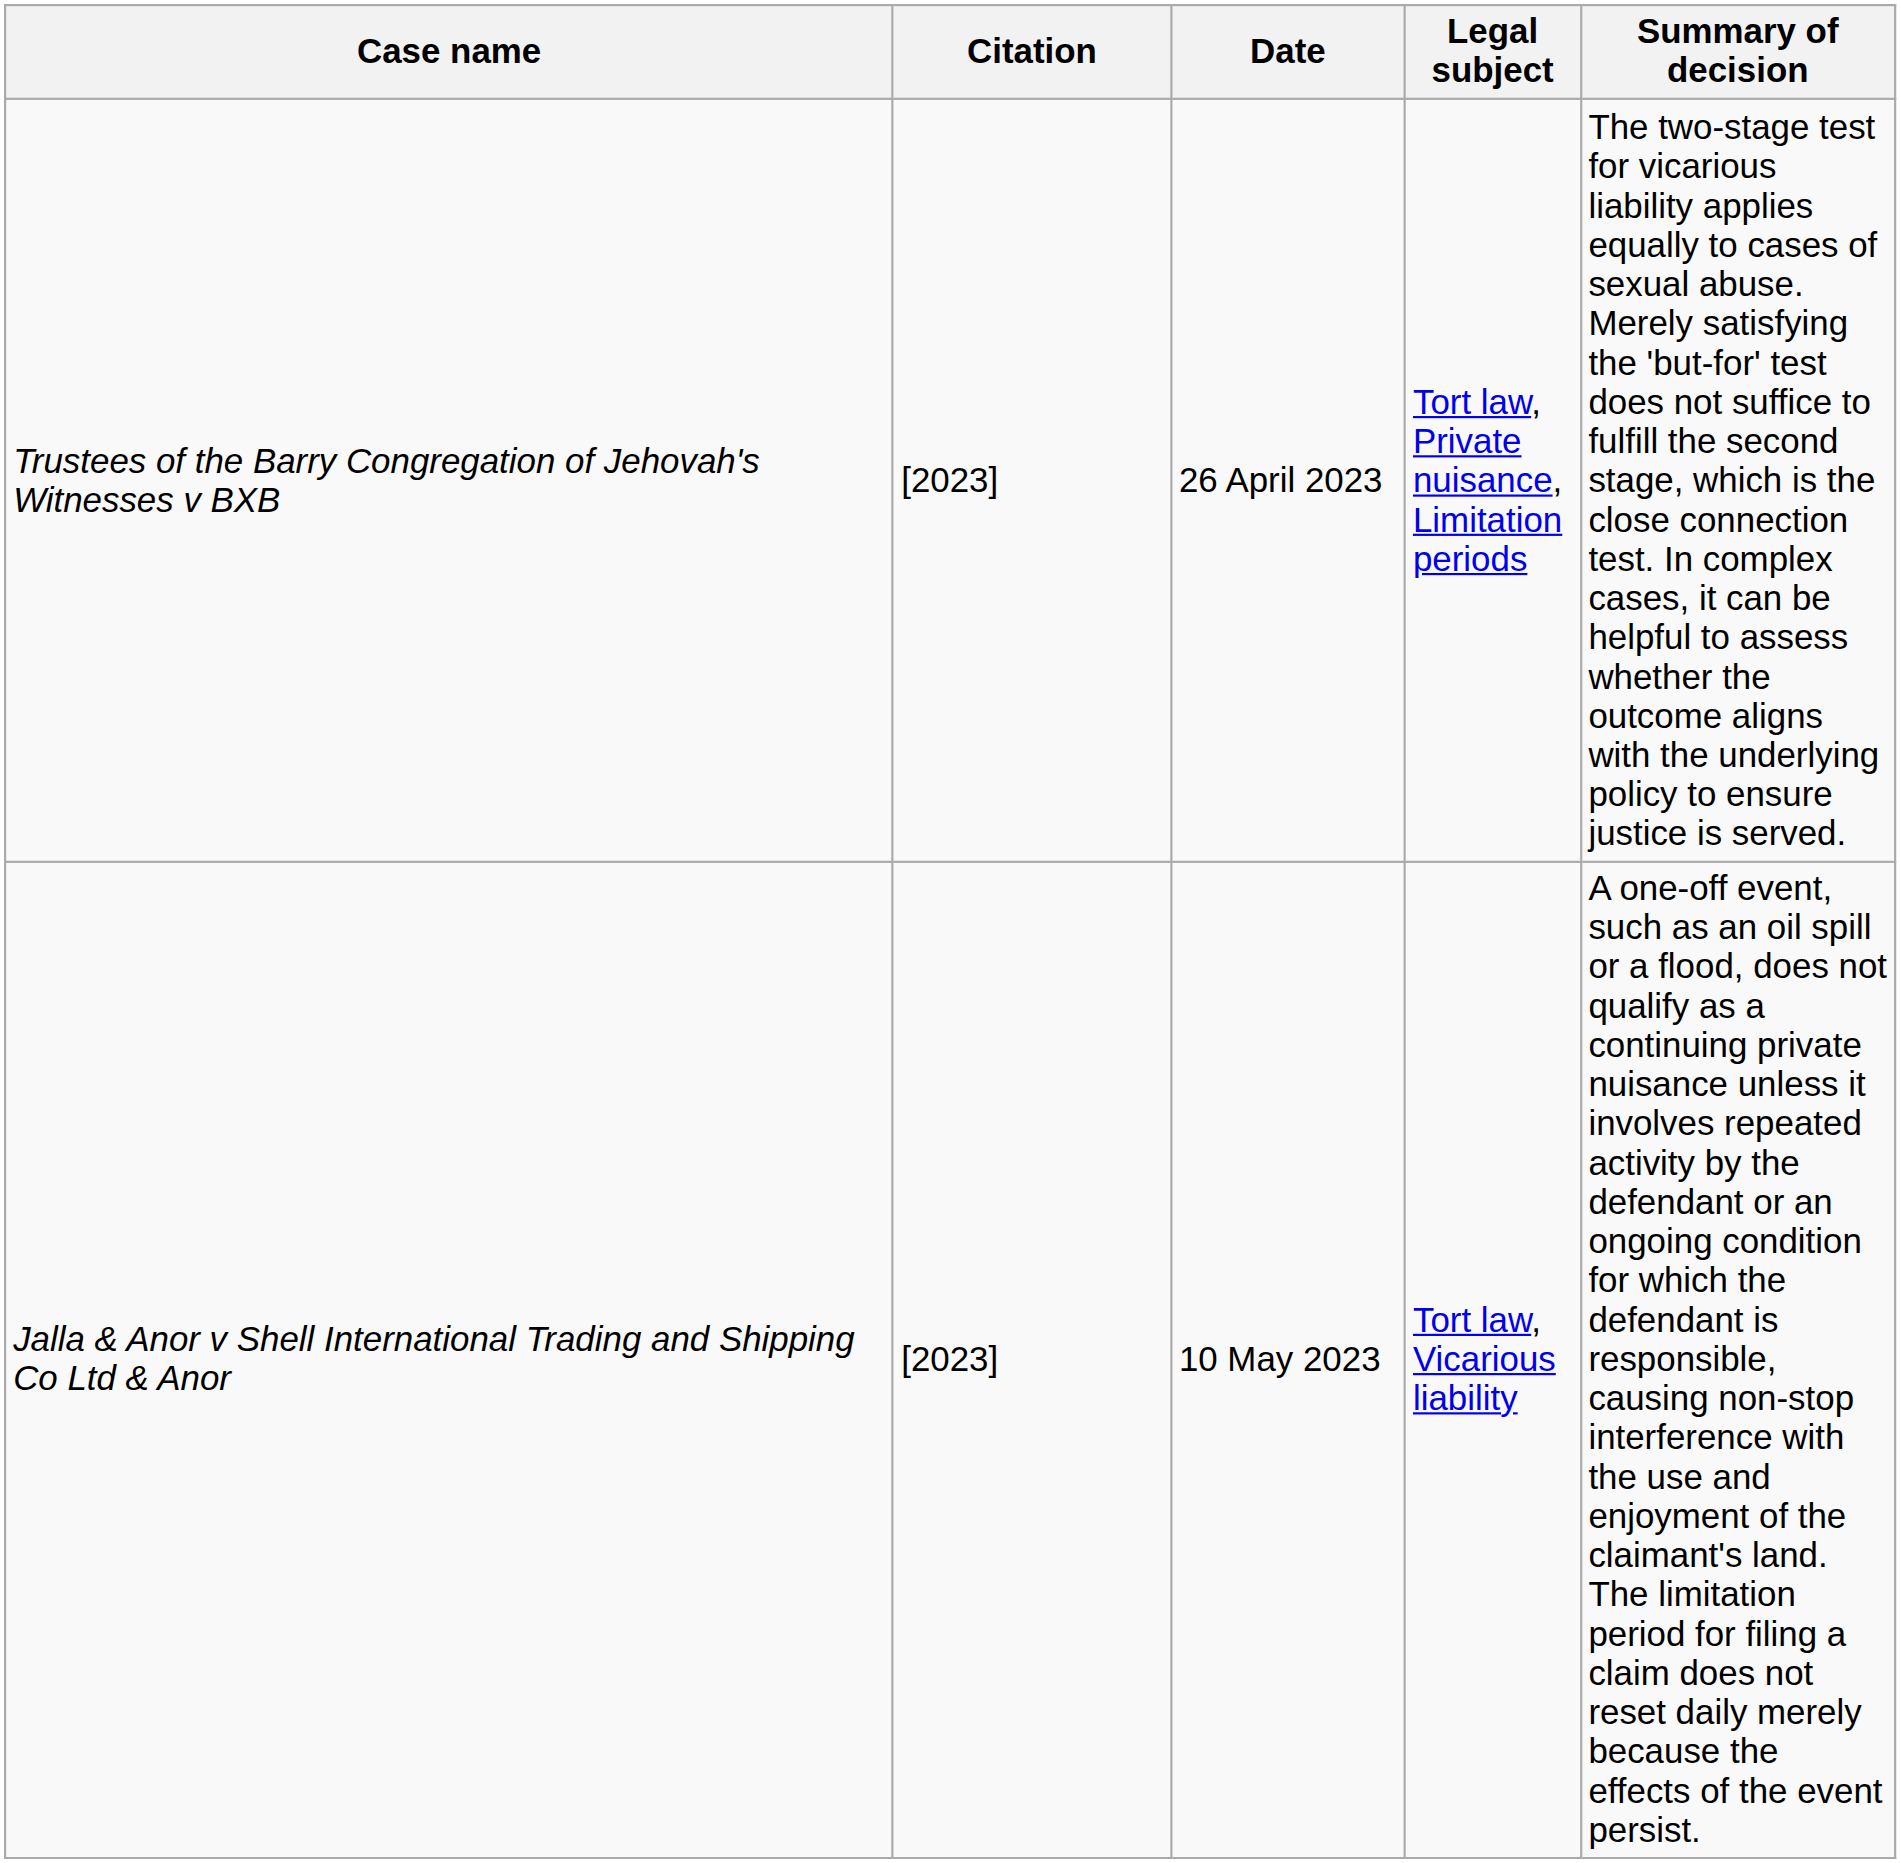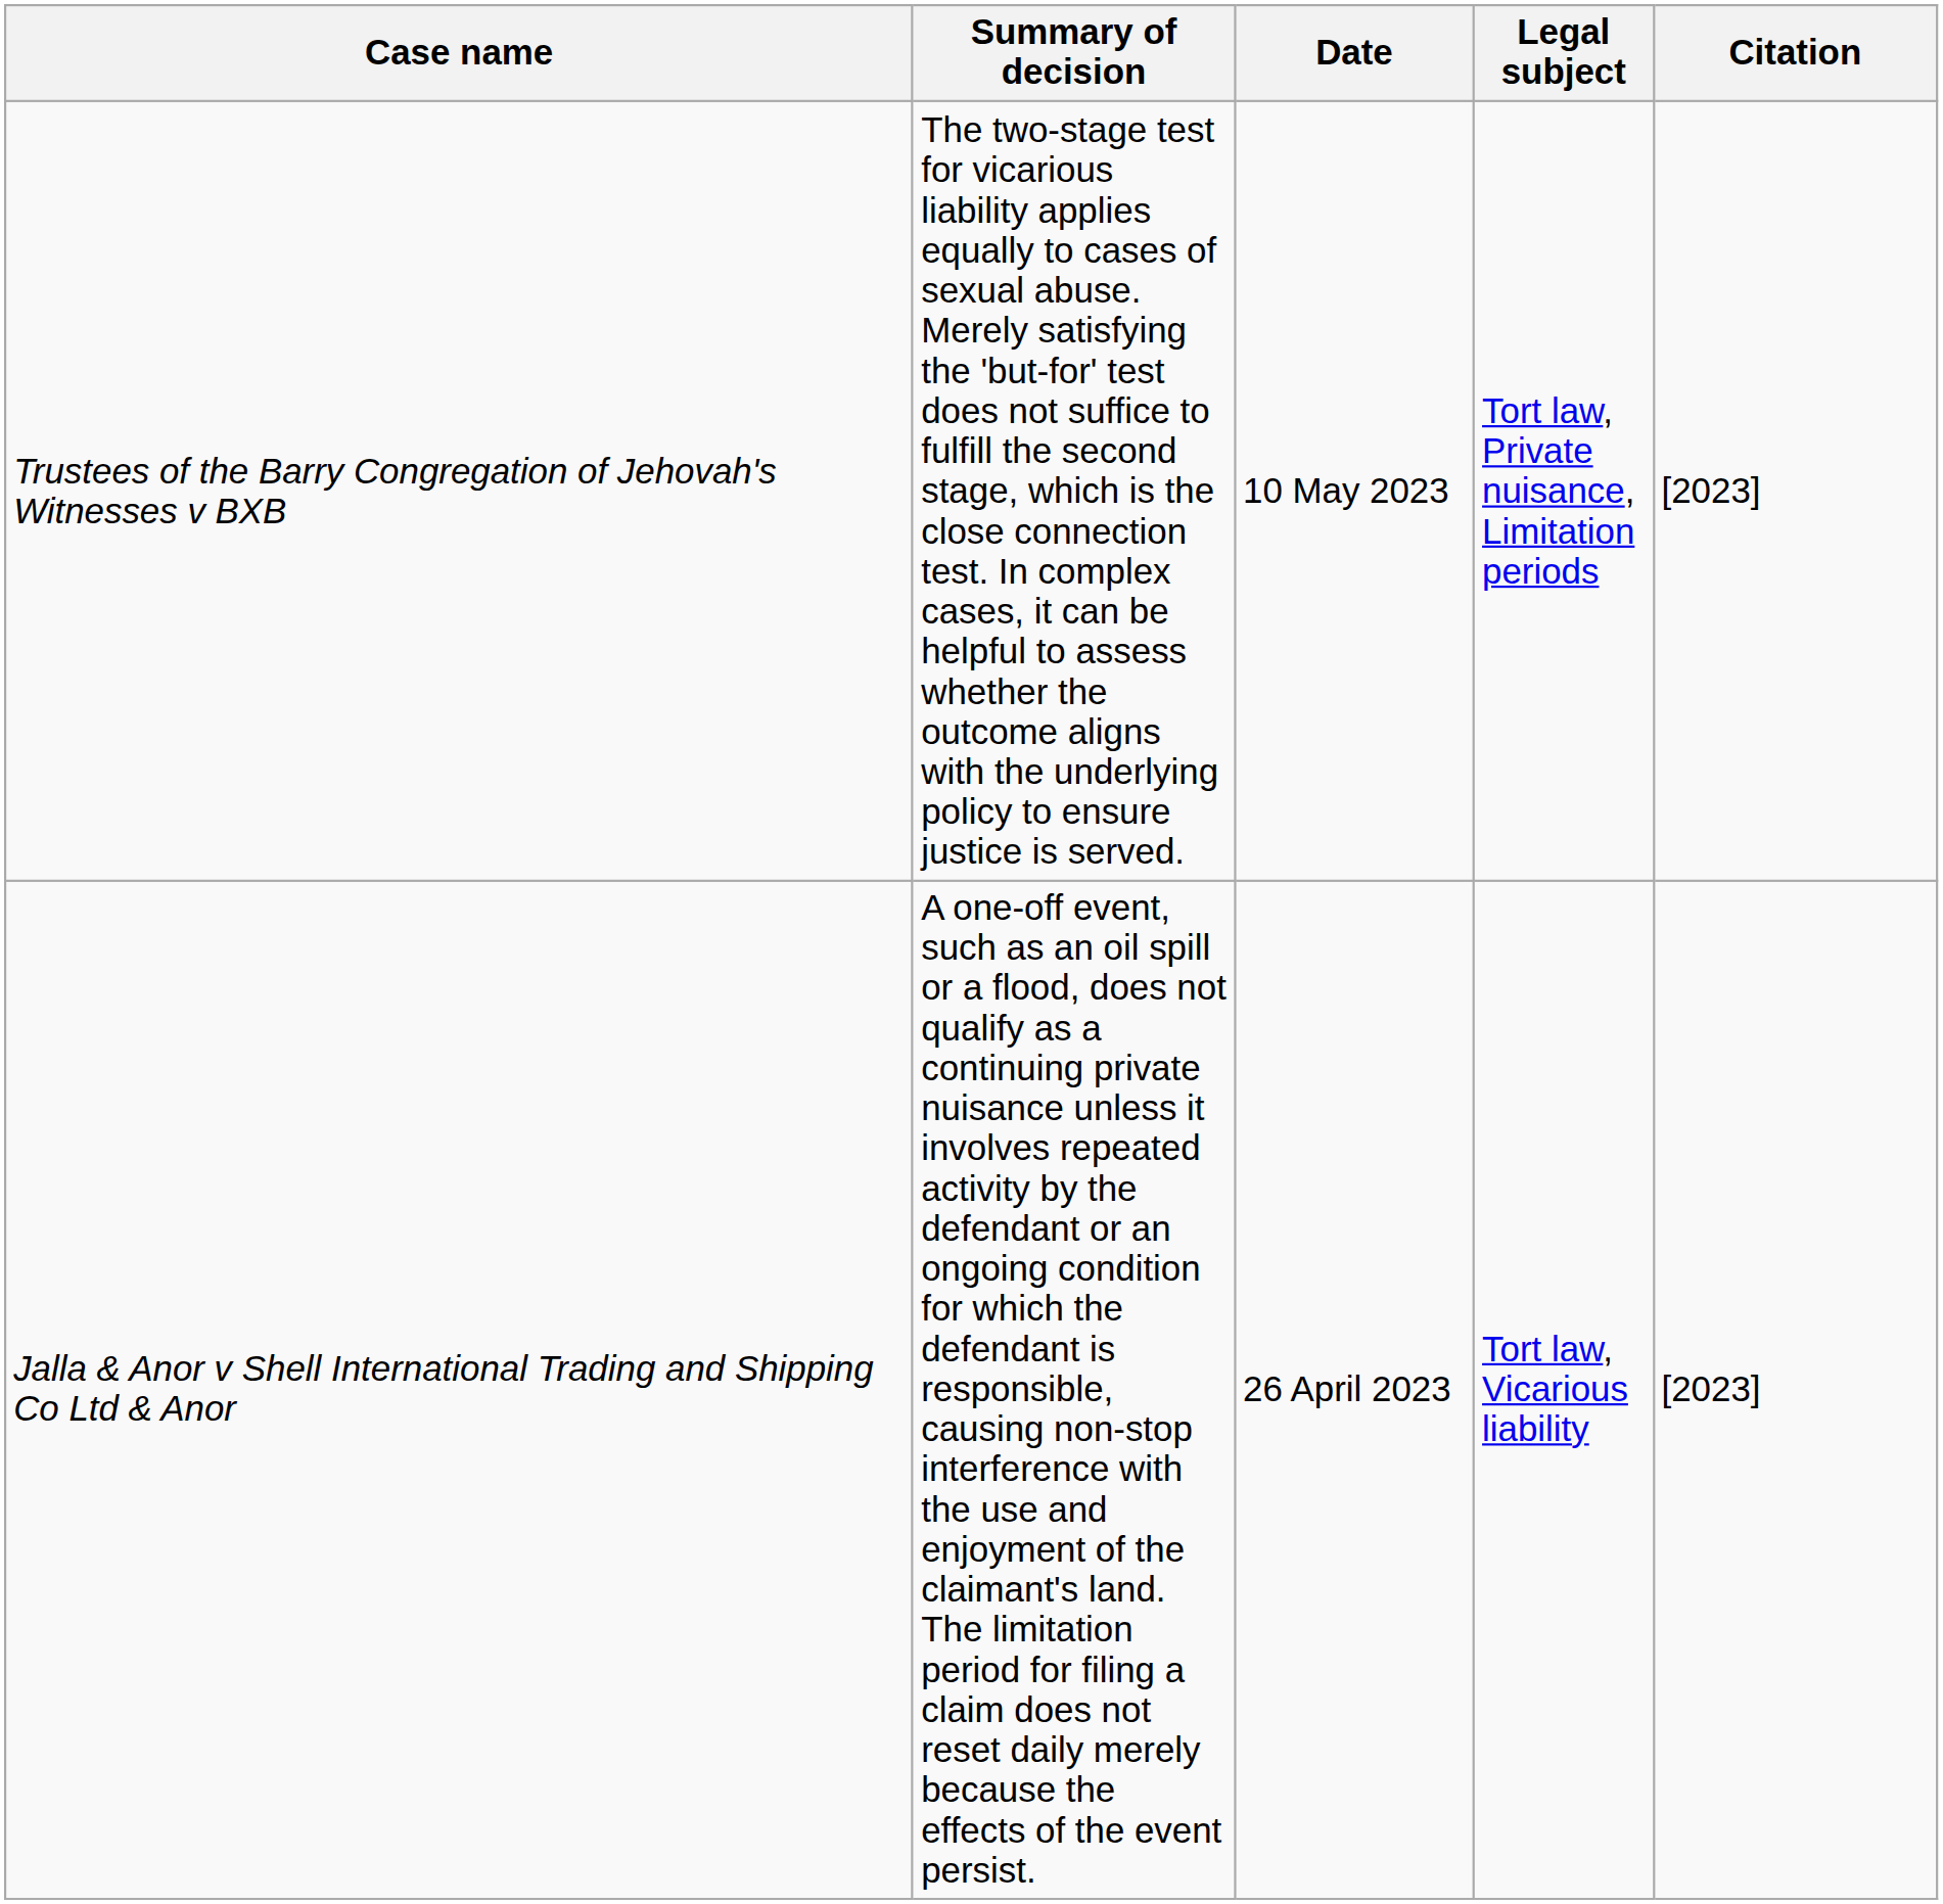 <table class="wikitable">
 <tr>
 <th width=400>Case name</th>
-<th width=120>Citation</th>
+<th>Summary of decision</th>
 <th width=100>Date</th>
 <th>Legal subject</th>
-<th>Summary of decision</th>
+<th width=120>Citation</th>
 </tr>
 <tr>
 <td><em>Trustees of the Barry Congregation of Jehovah's Witnesses v BXB</em></td>
+<td>The two-stage test for vicarious liability applies equally to cases of sexual abuse. Merely satisfying the 'but-for' test does not suffice to fulfill the second stage, which is the close connection test. In complex cases, it can be helpful to assess whether the outcome aligns with the underlying policy to ensure justice is served.</td>
+<td>10 May 2023</td>
+<td><a href='#'>Tort law</a>, <a href='#'>Private nuisance</a>, <a href='#'>Limitation periods</a></td>
 <td>[2023] </td>
-<td>26 April 2023</td>
-<td><a href='#'>Tort law</a>, <a href='#'>Private nuisance</a>, <a href='#'>Limitation periods</a></td>
-<td>The two-stage test for vicarious liability applies equally to cases of sexual abuse. Merely satisfying the 'but-for' test does not suffice to fulfill the second stage, which is the close connection test. In complex cases, it can be helpful to assess whether the outcome aligns with the underlying policy to ensure justice is served.</td>
 </tr>
 <tr>
 <td><em>Jalla & Anor v Shell International Trading and Shipping Co Ltd & Anor</em></td>
+<td>A one-off event, such as an oil spill or a flood, does not qualify as a continuing private nuisance unless it involves repeated activity by the defendant or an ongoing condition for which the defendant is responsible, causing non-stop interference with the use and enjoyment of the claimant's land. The limitation period for filing a claim does not reset daily merely because the effects of the event persist.</td>
+<td>26 April 2023</td>
+<td><a href='#'>Tort law</a>, <a href='#'>Vicarious liability</a></td>
 <td>[2023] </td>
-<td>10 May 2023</td>
-<td><a href='#'>Tort law</a>, <a href='#'>Vicarious liability</a></td>
-<td>A one-off event, such as an oil spill or a flood, does not qualify as a continuing private nuisance unless it involves repeated activity by the defendant or an ongoing condition for which the defendant is responsible, causing non-stop interference with the use and enjoyment of the claimant's land. The limitation period for filing a claim does not reset daily merely because the effects of the event persist.</td>
 </tr>
 </table>
